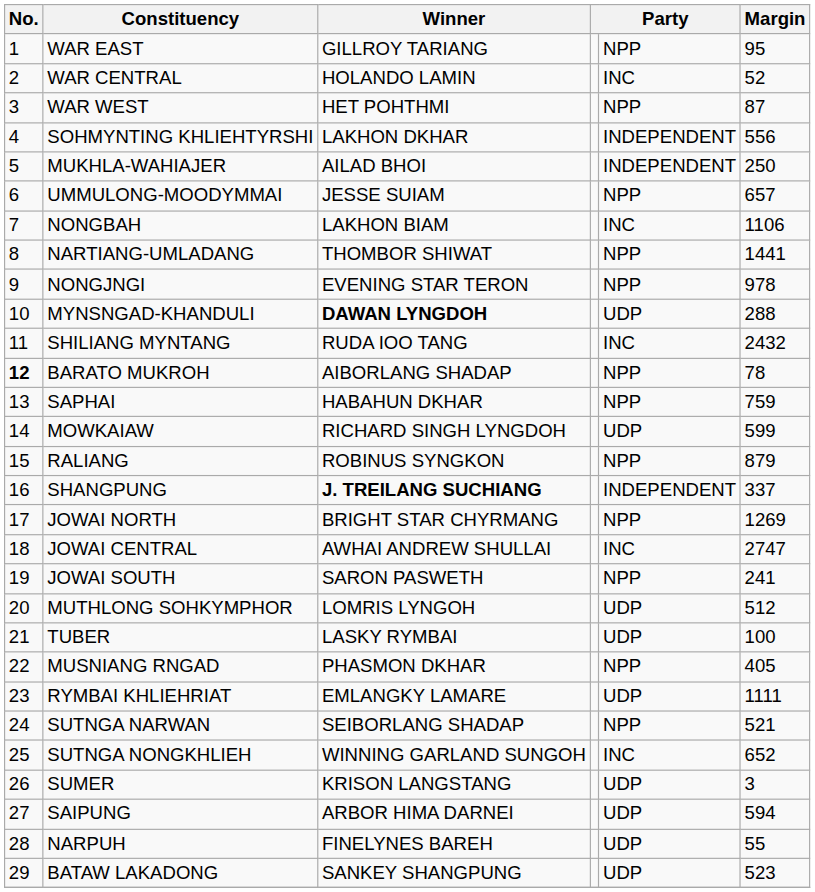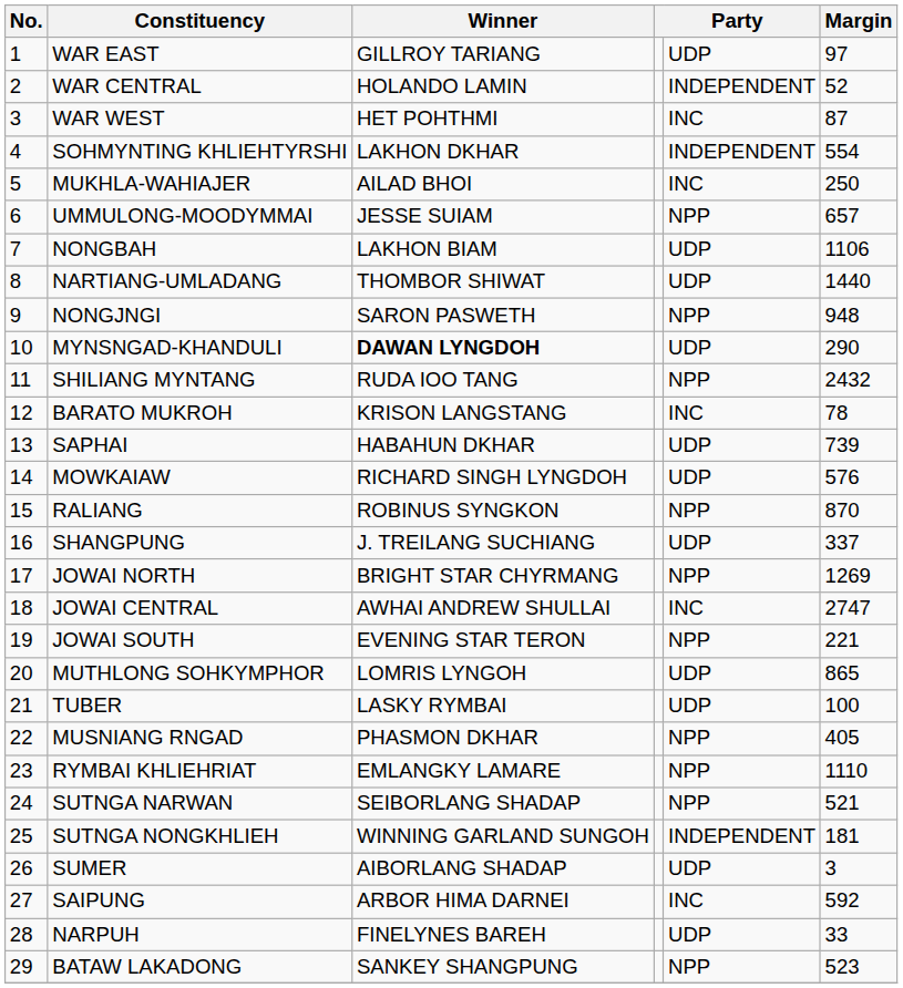 <table class="wikitable sortable">
 <tr>
 <th>No.</th>
 <th>Constituency</th>
 <th>Winner</th>
 <th colspan="2">Party</th>
 <th>Margin</th>
 </tr>
 <tr>
 <td>1</td>
 <td>WAR EAST</td>
 <td>GILLROY TARIANG</td>
 <td style="background-color:"></td>
-<td>NPP</td>
-<td>95</td>
+<td>UDP</td>
+<td>97</td>
 </tr>
 <tr>
 <td>2</td>
 <td>WAR CENTRAL</td>
 <td>HOLANDO LAMIN</td>
 <td style="background-color: "></td>
-<td>INC</td>
+<td>INDEPENDENT</td>
 <td>52</td>
 </tr>
 <tr>
 <td>3</td>
 <td>WAR WEST</td>
 <td>HET POHTHMI</td>
 <td style="background-color:"></td>
-<td>NPP</td>
+<td>INC</td>
 <td>87</td>
 </tr>
 <tr>
 <td>4</td>
 <td>SOHMYNTING KHLIEHTYRSHI</td>
 <td>LAKHON DKHAR</td>
 <td style="background-color: "></td>
 <td>INDEPENDENT</td>
-<td>556</td>
+<td>554</td>
 </tr>
 <tr>
 <td>5</td>
 <td>MUKHLA-WAHIAJER</td>
 <td>AILAD BHOI</td>
 <td style="background-color: "></td>
-<td>INDEPENDENT</td>
+<td>INC</td>
 <td>250</td>
 </tr>
 <tr>
 <td>6</td>
 <td>UMMULONG-MOODYMMAI</td>
 <td>JESSE SUIAM</td>
 <td style="background-color:"></td>
 <td>NPP</td>
 <td>657</td>
 </tr>
 <tr>
 <td>7</td>
 <td>NONGBAH</td>
 <td>LAKHON BIAM</td>
 <td style="background-color: "></td>
-<td>INC</td>
+<td>UDP</td>
 <td>1106</td>
 </tr>
 <tr>
 <td>8</td>
 <td>NARTIANG-UMLADANG</td>
 <td>THOMBOR SHIWAT</td>
 <td style="background-color:"></td>
-<td>NPP</td>
-<td>1441</td>
+<td>UDP</td>
+<td>1440</td>
 </tr>
 <tr>
 <td>9</td>
 <td>NONGJNGI</td>
-<td>EVENING STAR TERON</td>
+<td>SARON PASWETH</td>
 <td style="background-color:"></td>
 <td>NPP</td>
-<td>978</td>
+<td>948</td>
 </tr>
 <tr>
 <td>10</td>
 <td>MYNSNGAD-KHANDULI</td>
 <td><strong>DAWAN LYNGDOH</strong></td>
 <td style="background-color: "></td>
 <td>UDP</td>
-<td>288</td>
+<td>290</td>
 </tr>
 <tr>
 <td>11</td>
 <td>SHILIANG MYNTANG</td>
 <td>RUDA IOO TANG</td>
 <td style="background-color:"></td>
-<td>INC</td>
+<td>NPP</td>
 <td>2432</td>
 </tr>
 <tr>
-<td><strong>12</strong></td>
+<td>12</td>
 <td>BARATO MUKROH</td>
-<td>AIBORLANG SHADAP</td>
+<td>KRISON LANGSTANG</td>
 <td style="background-color: "></td>
-<td>NPP</td>
+<td>INC</td>
 <td>78</td>
 </tr>
 <tr>
 <td>13</td>
 <td>SAPHAI</td>
 <td>HABAHUN DKHAR</td>
 <td style="background-color:"></td>
-<td>NPP</td>
-<td>759</td>
+<td>UDP</td>
+<td>739</td>
 </tr>
 <tr>
 <td>14</td>
 <td>MOWKAIAW</td>
 <td>RICHARD SINGH LYNGDOH</td>
 <td style="background-color: "></td>
 <td>UDP</td>
-<td>599</td>
+<td>576</td>
 </tr>
 <tr>
 <td>15</td>
 <td>RALIANG</td>
 <td>ROBINUS SYNGKON</td>
 <td style="background-color:"></td>
 <td>NPP</td>
-<td>879</td>
+<td>870</td>
 </tr>
 <tr>
 <td>16</td>
 <td>SHANGPUNG</td>
-<td><strong>J. TREILANG SUCHIANG</strong></td>
+<td>J. TREILANG SUCHIANG</td>
 <td style="background-color: "></td>
-<td>INDEPENDENT</td>
+<td>UDP</td>
 <td>337</td>
 </tr>
 <tr>
 <td>17</td>
 <td>JOWAI NORTH</td>
 <td>BRIGHT STAR CHYRMANG</td>
 <td style="background-color:"></td>
 <td>NPP</td>
 <td>1269</td>
 </tr>
 <tr>
 <td>18</td>
 <td>JOWAI CENTRAL</td>
 <td>AWHAI ANDREW SHULLAI</td>
 <td style="background-color: "></td>
 <td>INC</td>
 <td>2747</td>
 </tr>
 <tr>
 <td>19</td>
 <td>JOWAI SOUTH</td>
-<td>SARON PASWETH</td>
+<td>EVENING STAR TERON</td>
 <td style="background-color:"></td>
 <td>NPP</td>
-<td>241</td>
+<td>221</td>
 </tr>
 <tr>
 <td>20</td>
 <td>MUTHLONG SOHKYMPHOR</td>
 <td>LOMRIS LYNGOH</td>
 <td style="background-color: "></td>
 <td>UDP</td>
-<td>512</td>
+<td>865</td>
 </tr>
 <tr>
 <td>21</td>
 <td>TUBER</td>
 <td>LASKY RYMBAI</td>
 <td style="background-color: "></td>
 <td>UDP</td>
 <td>100</td>
 </tr>
 <tr>
 <td>22</td>
 <td>MUSNIANG RNGAD</td>
 <td>PHASMON DKHAR</td>
 <td style="background-color:"></td>
 <td>NPP</td>
 <td>405</td>
 </tr>
 <tr>
 <td>23</td>
 <td>RYMBAI KHLIEHRIAT</td>
 <td>EMLANGKY LAMARE</td>
 <td style="background-color: "></td>
-<td>UDP</td>
-<td>1111</td>
+<td>NPP</td>
+<td>1110</td>
 </tr>
 <tr>
 <td>24</td>
 <td>SUTNGA NARWAN</td>
 <td>SEIBORLANG SHADAP</td>
 <td style="background-color:"></td>
 <td>NPP</td>
 <td>521</td>
 </tr>
 <tr>
 <td>25</td>
 <td>SUTNGA NONGKHLIEH</td>
 <td>WINNING GARLAND SUNGOH</td>
 <td style="background-color: "></td>
-<td>INC</td>
-<td>652</td>
+<td>INDEPENDENT</td>
+<td>181</td>
 </tr>
 <tr>
 <td>26</td>
 <td>SUMER</td>
-<td>KRISON LANGSTANG</td>
+<td>AIBORLANG SHADAP</td>
 <td style="background-color: "></td>
 <td>UDP</td>
 <td>3</td>
 </tr>
 <tr>
 <td>27</td>
 <td>SAIPUNG</td>
 <td>ARBOR HIMA DARNEI</td>
 <td style="background-color: "></td>
-<td>UDP</td>
-<td>594</td>
+<td>INC</td>
+<td>592</td>
 </tr>
 <tr>
 <td>28</td>
 <td>NARPUH</td>
 <td>FINELYNES BAREH</td>
 <td style="background-color: "></td>
 <td>UDP</td>
-<td>55</td>
+<td>33</td>
 </tr>
 <tr>
 <td>29</td>
 <td>BATAW LAKADONG</td>
 <td>SANKEY SHANGPUNG</td>
 <td style="background-color: "></td>
-<td>UDP</td>
+<td>NPP</td>
 <td>523</td>
 </tr>
 <tr>
 </tr>
 </table>
